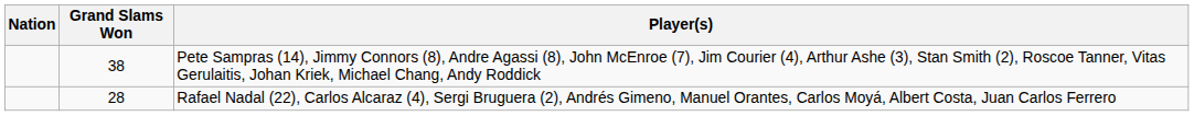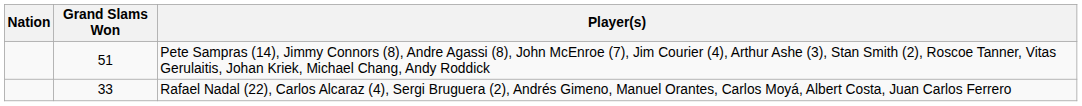 <table class="sortable wikitable">
 <tr>
 <th>Nation</th>
 <th>Grand Slams Won</th>
 <th>Player(s)</th>
 </tr>
 <tr>
 <td></td>
-<td align=center>38</td>
+<td align=center>51</td>
 <td>Pete Sampras (14), Jimmy Connors (8), Andre Agassi (8), John McEnroe (7), Jim Courier (4), Arthur Ashe (3), Stan Smith (2), Roscoe Tanner, Vitas Gerulaitis, Johan Kriek, Michael Chang, Andy Roddick</td>
 </tr>
 <tr>
 <td></td>
-<td align=center>28</td>
+<td align=center>33</td>
 <td>Rafael Nadal (22), Carlos Alcaraz (4), Sergi Bruguera (2), Andrés Gimeno, Manuel Orantes, Carlos Moyá, Albert Costa, Juan Carlos Ferrero</td>
 </tr>
 </table>
